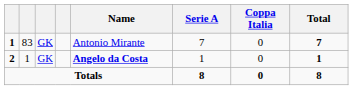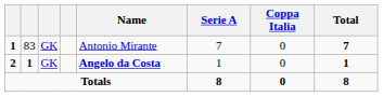 <table class="wikitable" style="text-align:center">
 <tr>
 <th width=15></th>
 <th width=15></th>
 <th width=15></th>
 <th width=15></th>
 <th width=145>Name</th>
 <th width=80><strong><a href='#'>Serie A</a></strong></th>
 <th width=80><strong><a href='#'>Coppa Italia</a></strong></th>
 <th width=80>Total</th>
 </tr>
 <tr>
 <td><strong>1</strong></td>
 <td>83</td>
 <td><a href='#'>GK</a></td>
 <td></td>
 <td align=left><a href='#'>Antonio Mirante</a></td>
 <td>7</td>
 <td>0</td>
 <td><strong>7</strong></td>
 </tr>
 <tr>
 <td><strong>2</strong></td>
-<td>1</td>
+<td><strong>1</strong></td>
 <td><a href='#'>GK</a></td>
 <td></td>
 <td align=left><strong><a href='#'>Angelo da Costa</a></strong></td>
 <td>1</td>
 <td>0</td>
 <td><strong>1</strong></td>
 </tr>
 <tr>
 <td colspan=5><strong>Totals</strong></td>
 <td><strong>8</strong></td>
 <td><strong>0</strong></td>
 <td><strong>8</strong></td>
 </tr>
 </table>
